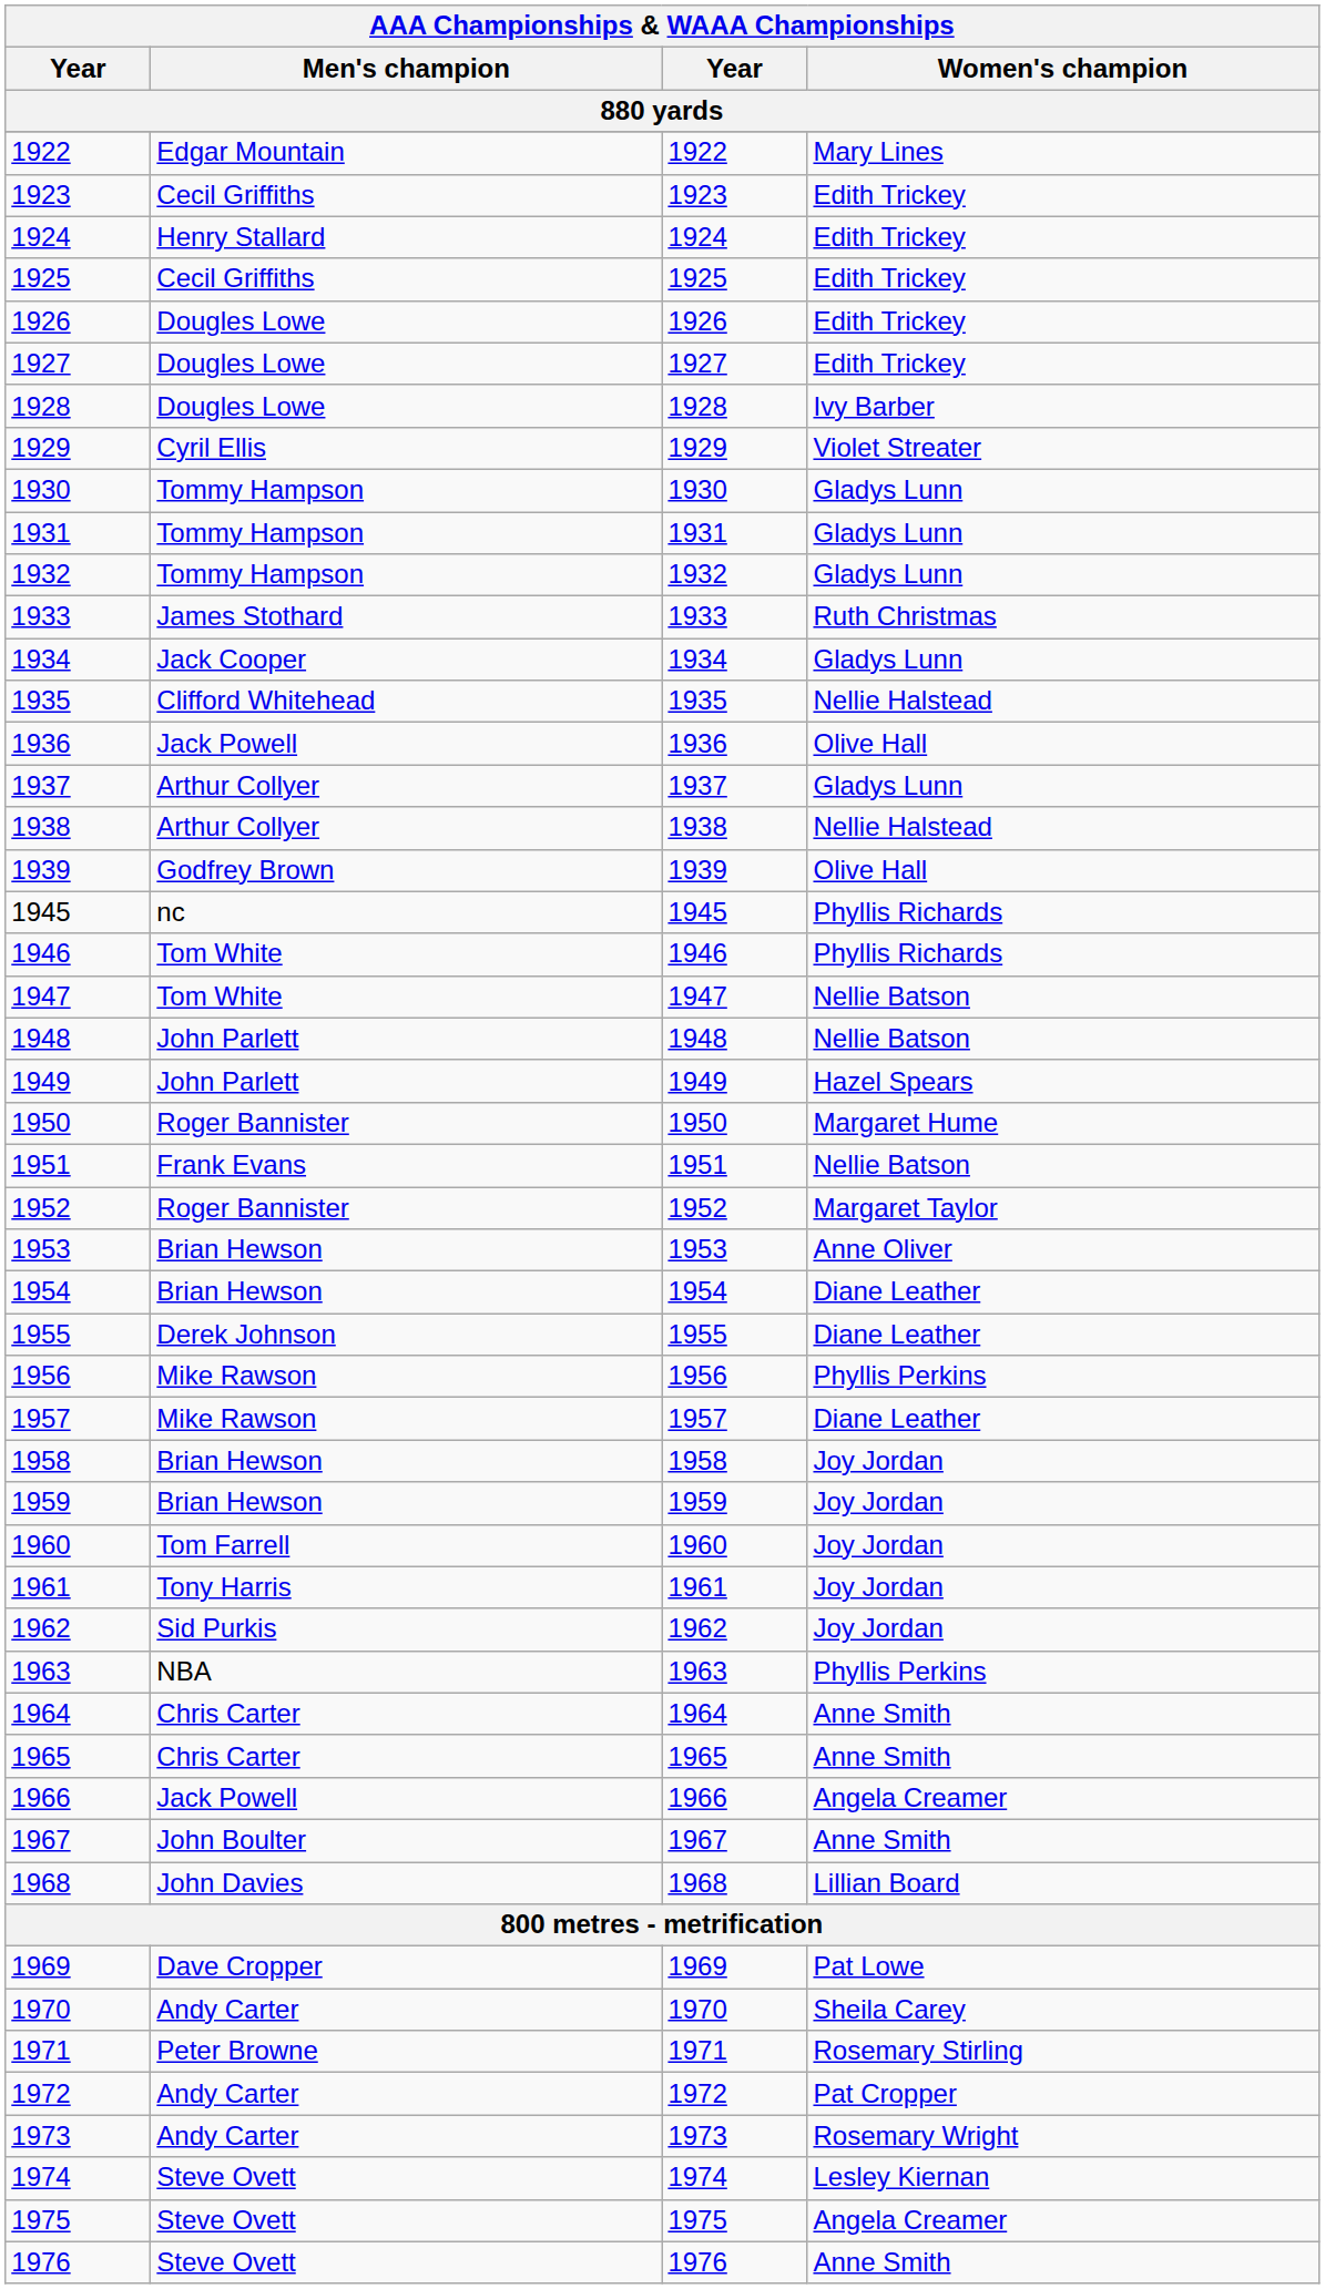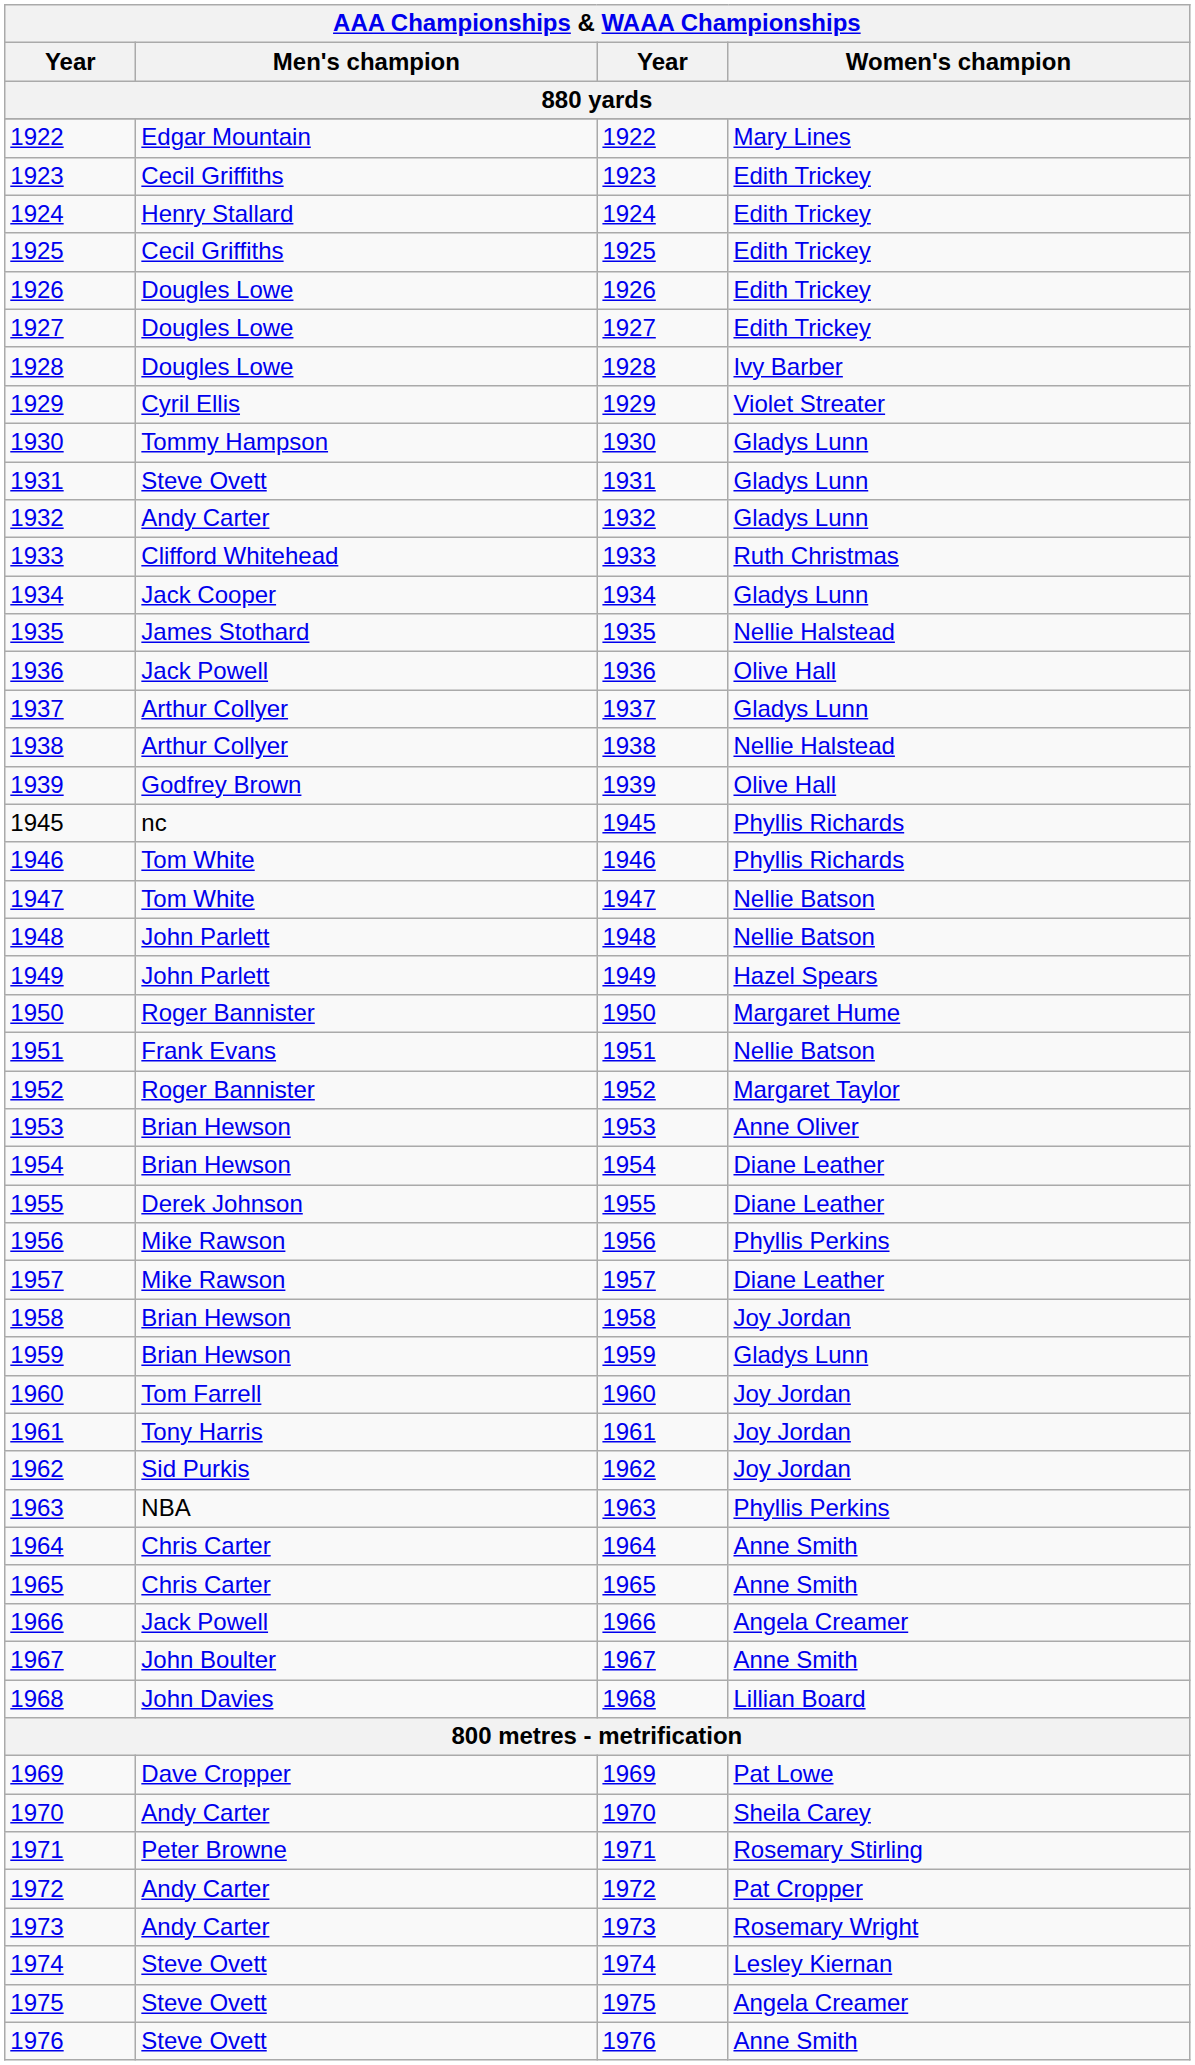 <table class="wikitable">
 <tr>
 <th colspan="4"><a href='#'>AAA Championships</a> & <a href='#'>WAAA Championships</a></th>
 </tr>
 <tr>
 <th width=80>Year</th>
 <th width=300>Men's champion</th>
 <th width=80>Year</th>
 <th width=300>Women's champion</th>
 </tr>
 <tr>
 <th colspan="4"><strong>880 yards</strong></th>
 </tr>
 <tr>
 </tr>
 <tr>
 <td><a href='#'>1922</a></td>
 <td><a href='#'>Edgar Mountain</a></td>
 <td><a href='#'>1922</a></td>
 <td><a href='#'>Mary Lines</a></td>
 </tr>
 <tr>
 <td><a href='#'>1923</a></td>
 <td><a href='#'>Cecil Griffiths</a></td>
 <td><a href='#'>1923</a></td>
 <td><a href='#'>Edith Trickey</a></td>
 </tr>
 <tr>
 <td><a href='#'>1924</a></td>
 <td><a href='#'>Henry Stallard</a></td>
 <td><a href='#'>1924</a></td>
 <td><a href='#'>Edith Trickey</a></td>
 </tr>
 <tr>
 <td><a href='#'>1925</a></td>
 <td><a href='#'>Cecil Griffiths</a></td>
 <td><a href='#'>1925</a></td>
 <td><a href='#'>Edith Trickey</a></td>
 </tr>
 <tr>
 <td><a href='#'>1926</a></td>
 <td><a href='#'>Dougles Lowe</a></td>
 <td><a href='#'>1926</a></td>
 <td><a href='#'>Edith Trickey</a></td>
 </tr>
 <tr>
 <td><a href='#'>1927</a></td>
 <td><a href='#'>Dougles Lowe</a></td>
 <td><a href='#'>1927</a></td>
 <td><a href='#'>Edith Trickey</a></td>
 </tr>
 <tr>
 <td><a href='#'>1928</a></td>
 <td><a href='#'>Dougles Lowe</a></td>
 <td><a href='#'>1928</a></td>
 <td><a href='#'>Ivy Barber</a></td>
 </tr>
 <tr>
 <td><a href='#'>1929</a></td>
 <td><a href='#'>Cyril Ellis</a></td>
 <td><a href='#'>1929</a></td>
 <td><a href='#'>Violet Streater</a></td>
 </tr>
 <tr>
 <td><a href='#'>1930</a></td>
 <td><a href='#'>Tommy Hampson</a></td>
 <td><a href='#'>1930</a></td>
 <td><a href='#'>Gladys Lunn</a></td>
 </tr>
 <tr>
 <td><a href='#'>1931</a></td>
-<td><a href='#'>Tommy Hampson</a></td>
+<td><a href='#'>Steve Ovett</a></td>
 <td><a href='#'>1931</a></td>
 <td><a href='#'>Gladys Lunn</a></td>
 </tr>
 <tr>
 <td><a href='#'>1932</a></td>
-<td><a href='#'>Tommy Hampson</a></td>
+<td><a href='#'>Andy Carter</a></td>
 <td><a href='#'>1932</a></td>
 <td><a href='#'>Gladys Lunn</a></td>
 </tr>
 <tr>
 <td><a href='#'>1933</a></td>
-<td><a href='#'>James Stothard</a></td>
+<td><a href='#'>Clifford Whitehead</a></td>
 <td><a href='#'>1933</a></td>
 <td><a href='#'>Ruth Christmas</a></td>
 </tr>
 <tr>
 <td><a href='#'>1934</a></td>
 <td><a href='#'>Jack Cooper</a></td>
 <td><a href='#'>1934</a></td>
 <td><a href='#'>Gladys Lunn</a></td>
 </tr>
 <tr>
 <td><a href='#'>1935</a></td>
-<td><a href='#'>Clifford Whitehead</a></td>
+<td><a href='#'>James Stothard</a></td>
 <td><a href='#'>1935</a></td>
 <td><a href='#'>Nellie Halstead</a></td>
 </tr>
 <tr>
 <td><a href='#'>1936</a></td>
 <td><a href='#'>Jack Powell</a></td>
 <td><a href='#'>1936</a></td>
 <td><a href='#'>Olive Hall</a></td>
 </tr>
 <tr>
 <td><a href='#'>1937</a></td>
 <td><a href='#'>Arthur Collyer</a></td>
 <td><a href='#'>1937</a></td>
 <td><a href='#'>Gladys Lunn</a></td>
 </tr>
 <tr>
 <td><a href='#'>1938</a></td>
 <td><a href='#'>Arthur Collyer</a></td>
 <td><a href='#'>1938</a></td>
 <td><a href='#'>Nellie Halstead</a></td>
 </tr>
 <tr>
 <td><a href='#'>1939</a></td>
 <td><a href='#'>Godfrey Brown</a></td>
 <td><a href='#'>1939</a></td>
 <td><a href='#'>Olive Hall</a></td>
 </tr>
 <tr>
 <td>1945</td>
 <td>nc</td>
 <td><a href='#'>1945</a></td>
 <td><a href='#'>Phyllis Richards</a></td>
 </tr>
 <tr>
 <td><a href='#'>1946</a></td>
 <td><a href='#'>Tom White</a></td>
 <td><a href='#'>1946</a></td>
 <td><a href='#'>Phyllis Richards</a></td>
 </tr>
 <tr>
 <td><a href='#'>1947</a></td>
 <td><a href='#'>Tom White</a></td>
 <td><a href='#'>1947</a></td>
 <td><a href='#'>Nellie Batson</a></td>
 </tr>
 <tr>
 <td><a href='#'>1948</a></td>
 <td><a href='#'>John Parlett</a></td>
 <td><a href='#'>1948</a></td>
 <td><a href='#'>Nellie Batson</a></td>
 </tr>
 <tr>
 <td><a href='#'>1949</a></td>
 <td><a href='#'>John Parlett</a></td>
 <td><a href='#'>1949</a></td>
 <td><a href='#'>Hazel Spears</a></td>
 </tr>
 <tr>
 <td><a href='#'>1950</a></td>
 <td><a href='#'>Roger Bannister</a></td>
 <td><a href='#'>1950</a></td>
 <td><a href='#'>Margaret Hume</a></td>
 </tr>
 <tr>
 <td><a href='#'>1951</a></td>
 <td><a href='#'>Frank Evans</a></td>
 <td><a href='#'>1951</a></td>
 <td><a href='#'>Nellie Batson</a></td>
 </tr>
 <tr>
 <td><a href='#'>1952</a></td>
 <td><a href='#'>Roger Bannister</a></td>
 <td><a href='#'>1952</a></td>
 <td><a href='#'>Margaret Taylor</a></td>
 </tr>
 <tr>
 <td><a href='#'>1953</a></td>
 <td><a href='#'>Brian Hewson</a></td>
 <td><a href='#'>1953</a></td>
 <td><a href='#'>Anne Oliver</a></td>
 </tr>
 <tr>
 <td><a href='#'>1954</a></td>
 <td><a href='#'>Brian Hewson</a></td>
 <td><a href='#'>1954</a></td>
 <td><a href='#'>Diane Leather</a></td>
 </tr>
 <tr>
 <td><a href='#'>1955</a></td>
 <td><a href='#'>Derek Johnson</a></td>
 <td><a href='#'>1955</a></td>
 <td><a href='#'>Diane Leather</a></td>
 </tr>
 <tr>
 <td><a href='#'>1956</a></td>
 <td><a href='#'>Mike Rawson</a></td>
 <td><a href='#'>1956</a></td>
 <td><a href='#'>Phyllis Perkins</a></td>
 </tr>
 <tr>
 <td><a href='#'>1957</a></td>
 <td><a href='#'>Mike Rawson</a></td>
 <td><a href='#'>1957</a></td>
 <td><a href='#'>Diane Leather</a></td>
 </tr>
 <tr>
 <td><a href='#'>1958</a></td>
 <td><a href='#'>Brian Hewson</a></td>
 <td><a href='#'>1958</a></td>
 <td><a href='#'>Joy Jordan</a></td>
 </tr>
 <tr>
 <td><a href='#'>1959</a></td>
 <td><a href='#'>Brian Hewson</a></td>
 <td><a href='#'>1959</a></td>
-<td><a href='#'>Joy Jordan</a></td>
+<td><a href='#'>Gladys Lunn</a></td>
 </tr>
 <tr>
 <td><a href='#'>1960</a></td>
 <td><a href='#'>Tom Farrell</a></td>
 <td><a href='#'>1960</a></td>
 <td><a href='#'>Joy Jordan</a></td>
 </tr>
 <tr>
 <td><a href='#'>1961</a></td>
 <td><a href='#'>Tony Harris</a></td>
 <td><a href='#'>1961</a></td>
 <td><a href='#'>Joy Jordan</a></td>
 </tr>
 <tr>
 <td><a href='#'>1962</a></td>
 <td><a href='#'>Sid Purkis</a></td>
 <td><a href='#'>1962</a></td>
 <td><a href='#'>Joy Jordan</a></td>
 </tr>
 <tr>
 <td><a href='#'>1963</a></td>
 <td>NBA</td>
 <td><a href='#'>1963</a></td>
 <td><a href='#'>Phyllis Perkins</a></td>
 </tr>
 <tr>
 <td><a href='#'>1964</a></td>
 <td><a href='#'>Chris Carter</a></td>
 <td><a href='#'>1964</a></td>
 <td><a href='#'>Anne Smith</a></td>
 </tr>
 <tr>
 <td><a href='#'>1965</a></td>
 <td><a href='#'>Chris Carter</a></td>
 <td><a href='#'>1965</a></td>
 <td><a href='#'>Anne Smith</a></td>
 </tr>
 <tr>
 <td><a href='#'>1966</a></td>
 <td><a href='#'>Jack Powell</a></td>
 <td><a href='#'>1966</a></td>
 <td><a href='#'>Angela Creamer</a></td>
 </tr>
 <tr>
 <td><a href='#'>1967</a></td>
 <td><a href='#'>John Boulter</a></td>
 <td><a href='#'>1967</a></td>
 <td><a href='#'>Anne Smith</a></td>
 </tr>
 <tr>
 <td><a href='#'>1968</a></td>
 <td><a href='#'>John Davies</a></td>
 <td><a href='#'>1968</a></td>
 <td><a href='#'>Lillian Board</a></td>
 </tr>
 <tr>
 <th colspan="4"><strong>800 metres - metrification</strong></th>
 </tr>
 <tr>
 <td><a href='#'>1969</a></td>
 <td><a href='#'>Dave Cropper</a></td>
 <td><a href='#'>1969</a></td>
 <td><a href='#'>Pat Lowe</a></td>
 </tr>
 <tr>
 <td><a href='#'>1970</a></td>
 <td><a href='#'>Andy Carter</a></td>
 <td><a href='#'>1970</a></td>
 <td><a href='#'>Sheila Carey</a></td>
 </tr>
 <tr>
 <td><a href='#'>1971</a></td>
 <td><a href='#'>Peter Browne</a></td>
 <td><a href='#'>1971</a></td>
 <td><a href='#'>Rosemary Stirling</a></td>
 </tr>
 <tr>
 <td><a href='#'>1972</a></td>
 <td><a href='#'>Andy Carter</a></td>
 <td><a href='#'>1972</a></td>
 <td><a href='#'>Pat Cropper</a></td>
 </tr>
 <tr>
 <td><a href='#'>1973</a></td>
 <td><a href='#'>Andy Carter</a></td>
 <td><a href='#'>1973</a></td>
 <td><a href='#'>Rosemary Wright</a></td>
 </tr>
 <tr>
 <td><a href='#'>1974</a></td>
 <td><a href='#'>Steve Ovett</a></td>
 <td><a href='#'>1974</a></td>
 <td><a href='#'>Lesley Kiernan</a></td>
 </tr>
 <tr>
 <td><a href='#'>1975</a></td>
 <td><a href='#'>Steve Ovett</a></td>
 <td><a href='#'>1975</a></td>
 <td><a href='#'>Angela Creamer</a></td>
 </tr>
 <tr>
 <td><a href='#'>1976</a></td>
 <td><a href='#'>Steve Ovett</a></td>
 <td><a href='#'>1976</a></td>
 <td><a href='#'>Anne Smith</a></td>
 </tr>
 </table>
